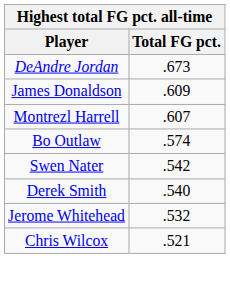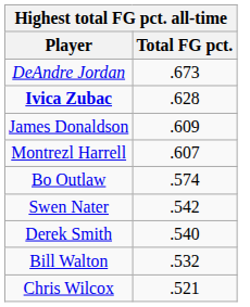 <table class="wikitable sortable" style="text-align:center">
 <tr>
 <th colspan="2">Highest total FG pct. all-time</th>
 </tr>
 <tr>
 <th>Player</th>
 <th>Total FG pct.</th>
 </tr>
 <tr>
 <td><em><a href='#'>DeAndre Jordan</a></em></td>
 <td>.673</td>
+</tr>
+<tr>
+<td><strong><a href='#'>Ivica Zubac</a></strong></td>
+<td>.628</td>
 </tr>
 <tr>
 <td><a href='#'>James Donaldson</a></td>
 <td>.609</td>
 </tr>
 <tr>
 <td><a href='#'>Montrezl Harrell</a></td>
 <td>.607</td>
 </tr>
 <tr>
 <td><a href='#'>Bo Outlaw</a></td>
 <td>.574</td>
 </tr>
 <tr>
 <td><a href='#'>Swen Nater</a></td>
 <td>.542</td>
 </tr>
 <tr>
 <td><a href='#'>Derek Smith</a></td>
 <td>.540</td>
 </tr>
 <tr>
-<td><a href='#'>Jerome Whitehead</a></td>
+<td><a href='#'>Bill Walton</a></td>
 <td>.532</td>
 </tr>
 <tr>
 <td><a href='#'>Chris Wilcox</a></td>
 <td>.521</td>
 </tr>
 </table>
